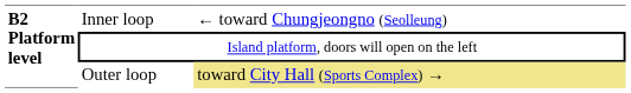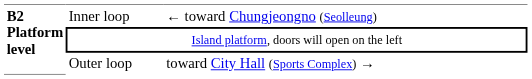 <table table border=0 cellspacing=0 cellpadding=3>
 <tr>
 <td style="border-top:solid 1px gray;border-bottom:solid 1px gray;" width=50 rowspan=10 valign=top><strong>B2<br>Platform level</strong></td>
 <td style="border-bottom:solid 0px gray;border-top:solid 1px gray;" width=100>Inner loop</td>
 <td style="border-bottom:solid 0px gray;border-top:solid 1px gray;" width=390>←  toward <a href='#'>Chungjeongno</a> <small>(<a href='#'>Seolleung</a>)</small></td>
 </tr>
 <tr>
 <td style="border-top:solid 2px black;border-right:solid 2px black;border-left:solid 2px black;border-bottom:solid 2px black;text-align:center;" colspan=2><small><a href='#'>Island platform</a>, doors will open on the left </small></td>
 </tr>
 <tr>
 <td>Outer loop</td>
-<td style="background: khaki;">  toward <a href='#'>City Hall</a> <small>(<a href='#'>Sports Complex</a>)</small> →</td>
+<td>  toward <a href='#'>City Hall</a> <small>(<a href='#'>Sports Complex</a>)</small> →</td>
 </tr>
 </table>
